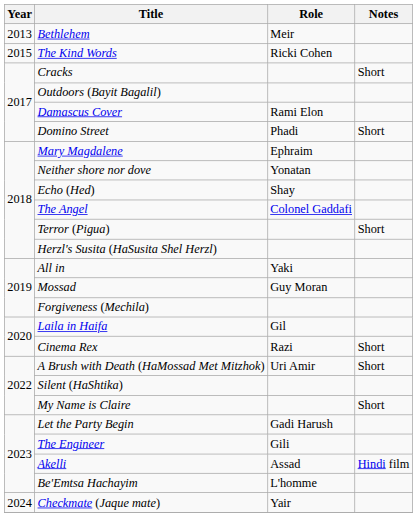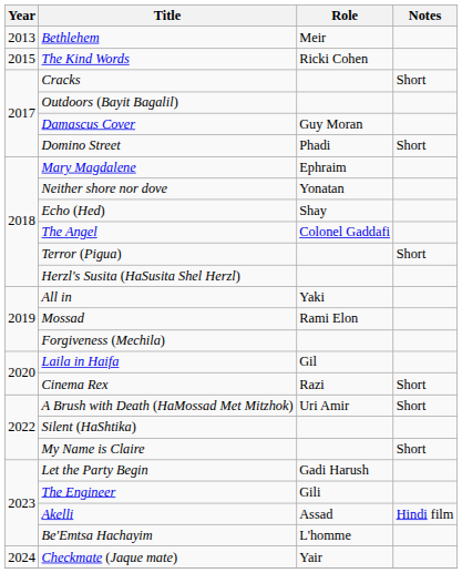 <table class="wikitable sortable">
 <tr>
 <th>Year</th>
 <th>Title</th>
 <th>Role</th>
 <th>Notes</th>
 </tr>
 <tr>
 <td>2013</td>
 <td><em><a href='#'>Bethlehem</a></em></td>
 <td>Meir</td>
 <td></td>
 </tr>
 <tr>
 <td>2015</td>
 <td><em><a href='#'>The Kind Words</a></em></td>
 <td>Ricki Cohen</td>
 <td></td>
 </tr>
 <tr>
 <td rowspan=4>2017</td>
 <td><em>Cracks</em></td>
 <td></td>
 <td>Short</td>
 </tr>
 <tr>
 <td><em>Outdoors</em> (<em>Bayit Bagalil</em>)</td>
 <td></td>
 <td></td>
 </tr>
 <tr>
 <td><em><a href='#'>Damascus Cover</a></em></td>
-<td>Rami Elon</td>
+<td>Guy Moran</td>
 <td></td>
 </tr>
 <tr>
 <td><em>Domino Street</em></td>
 <td>Phadi</td>
 <td>Short</td>
 </tr>
 <tr>
 <td rowspan=6>2018</td>
 <td><em><a href='#'>Mary Magdalene</a></em></td>
 <td>Ephraim</td>
 <td></td>
 </tr>
 <tr>
 <td><em>Neither shore nor dove</em></td>
 <td>Yonatan</td>
 <td></td>
 </tr>
 <tr>
 <td><em>Echo</em> (<em>Hed</em>)</td>
 <td>Shay</td>
 <td></td>
 </tr>
 <tr>
 <td><em><a href='#'>The Angel</a></em></td>
 <td><a href='#'>Colonel Gaddafi</a></td>
 <td></td>
 </tr>
 <tr>
 <td><em>Terror</em> (<em>Pigua</em>)</td>
 <td></td>
 <td>Short</td>
 </tr>
 <tr>
 <td><em>Herzl's Susita</em> (<em>HaSusita Shel Herzl</em>)</td>
 <td></td>
 <td></td>
 </tr>
 <tr>
 <td rowspan=3>2019</td>
 <td><em>All in</em></td>
 <td>Yaki</td>
 <td></td>
 </tr>
 <tr>
 <td><em>Mossad</em></td>
-<td>Guy Moran</td>
+<td>Rami Elon</td>
 <td></td>
 </tr>
 <tr>
 <td><em>Forgiveness</em> (<em>Mechila</em>)</td>
 <td></td>
 <td></td>
 </tr>
 <tr>
 <td rowspan=2>2020</td>
 <td><em><a href='#'>Laila in Haifa</a></em></td>
 <td>Gil</td>
 <td></td>
 </tr>
 <tr>
 <td><em>Cinema Rex</em></td>
 <td>Razi</td>
 <td>Short</td>
 </tr>
 <tr>
 <td rowspan=3>2022</td>
 <td><em>A Brush with Death</em> (<em>HaMossad Met Mitzhok</em>)</td>
 <td>Uri Amir</td>
 <td>Short</td>
 </tr>
 <tr>
 <td><em>Silent</em> (<em>HaShtika</em>)</td>
 <td></td>
 <td></td>
 </tr>
 <tr>
 <td><em>My Name is Claire</em></td>
 <td></td>
 <td>Short</td>
 </tr>
 <tr>
 <td rowspan=4>2023</td>
 <td><em>Let the Party Begin</em></td>
 <td>Gadi Harush</td>
 <td></td>
 </tr>
 <tr>
 <td><em><a href='#'>The Engineer</a></em></td>
 <td>Gili</td>
 <td></td>
 </tr>
 <tr>
 <td><em><a href='#'>Akelli</a></em></td>
 <td>Assad</td>
 <td><a href='#'>Hindi</a> film</td>
 </tr>
 <tr>
 <td><em>Be'Emtsa Hachayim</em></td>
 <td>L'homme</td>
 <td></td>
 </tr>
 <tr>
 <td>2024</td>
 <td><em><a href='#'>Checkmate</a></em> (<em>Jaque mate</em>)</td>
 <td>Yair</td>
 <td></td>
 </tr>
 <tr>
 </tr>
 </table>
